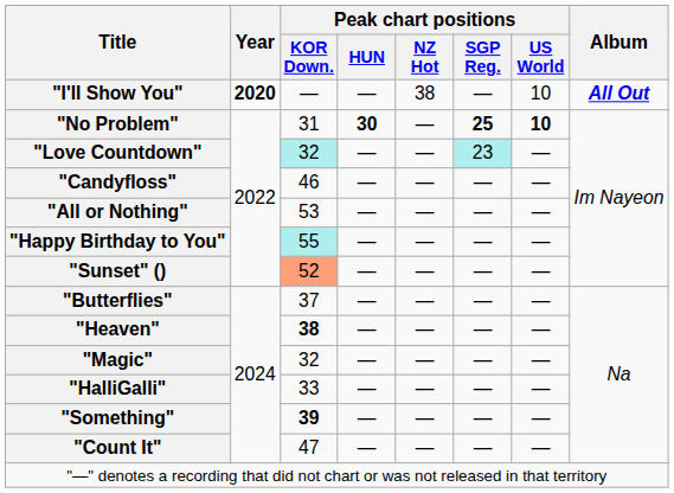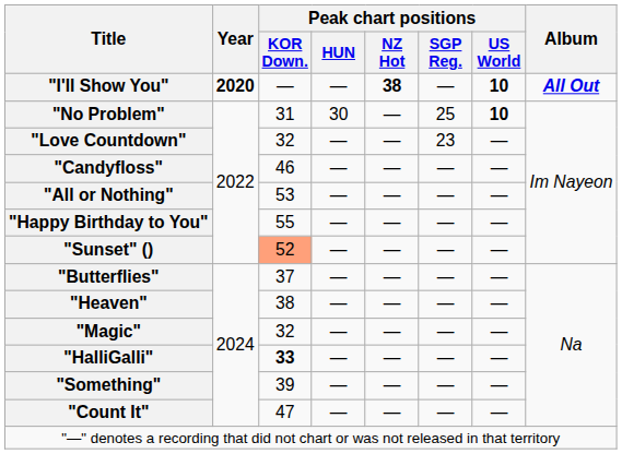 <table class="wikitable plainrowheaders" style="text-align:center">
 <tr>
 <th scope="col" rowspan="2">Title</th>
 <th scope="col" rowspan="2">Year</th>
 <th scope="col" colspan="5">Peak chart positions</th>
 <th scope="col" rowspan="2">Album</th>
 </tr>
 <tr>
 <th scope="col" style="font-size:90%; width:3em"><a href='#'>KOR<br>Down.</a><br></th>
 <th scope="col" style="font-size:90%; width:3em"><a href='#'>HUN</a><br></th>
 <th scope="col" style="font-size:90%; width:3em"><a href='#'>NZ<br>Hot</a><br></th>
 <th scope="col" style="font-size:90%; width:3em"><a href='#'>SGP<br>Reg.</a><br></th>
 <th scope="col" style="font-size:90%; width:3em"><a href='#'>US<br>World</a><br></th>
 </tr>
 <tr>
 <th scope="row">"I'll Show You"<br></th>
 <td><strong>2020</strong></td>
 <td>—</td>
 <td>—</td>
-<td>38</td>
+<td><strong>38</strong></td>
 <td>—</td>
-<td>10</td>
+<td><strong>10</strong></td>
 <td><strong><em><a href='#'>All Out</a></em></strong></td>
 </tr>
 <tr>
 <th scope="row">"No Problem" <br></th>
 <td rowspan="6">2022</td>
 <td>31</td>
-<td><strong>30</strong></td>
+<td>30</td>
 <td>—</td>
-<td><strong>25</strong></td>
+<td>25</td>
 <td><strong>10</strong></td>
 <td rowspan="6"><em>Im Nayeon</em></td>
 </tr>
 <tr>
 <th scope="row">"Love Countdown"<br></th>
-<td style="background: paleturquoise;">32</td>
+<td>32</td>
 <td>—</td>
 <td>—</td>
-<td style="background: paleturquoise;">23</td>
+<td>23</td>
 <td>—</td>
 </tr>
 <tr>
 <th scope="row">"Candyfloss"</th>
 <td>46</td>
 <td>—</td>
 <td>—</td>
 <td>—</td>
 <td>—</td>
 </tr>
 <tr>
 <th scope="row">"All or Nothing"</th>
 <td>53</td>
 <td>—</td>
 <td>—</td>
 <td>—</td>
 <td>—</td>
 </tr>
 <tr>
 <th scope="row">"Happy Birthday to You"</th>
-<td style="background: paleturquoise;">55</td>
+<td>55</td>
 <td>—</td>
 <td>—</td>
 <td>—</td>
 <td>—</td>
 </tr>
 <tr>
 <th scope="row">"Sunset" ()</th>
 <td style="background: lightsalmon;">52</td>
 <td>—</td>
 <td>—</td>
 <td>—</td>
 <td>—</td>
 </tr>
 <tr>
 <th scope="row">"Butterflies"</th>
 <td rowspan="6">2024</td>
 <td>37</td>
 <td>—</td>
 <td>—</td>
 <td>—</td>
 <td>—</td>
 <td rowspan="6"><em>Na</em></td>
 </tr>
 <tr>
 <th scope="row">"Heaven"<br></th>
-<td><strong>38</strong></td>
+<td>38</td>
 <td>—</td>
 <td>—</td>
 <td>—</td>
 <td>—</td>
 </tr>
 <tr>
 <th scope="row">"Magic"<br></th>
 <td>32</td>
 <td>—</td>
 <td>—</td>
 <td>—</td>
 <td>—</td>
 </tr>
 <tr>
 <th scope="row">"HalliGalli"</th>
-<td>33</td>
+<td><strong>33</strong></td>
 <td>—</td>
 <td>—</td>
 <td>—</td>
 <td>—</td>
 </tr>
 <tr>
 <th scope="row">"Something"</th>
-<td><strong>39</strong></td>
+<td>39</td>
 <td>—</td>
 <td>—</td>
 <td>—</td>
 <td>—</td>
 </tr>
 <tr>
 <th scope="row">"Count It"</th>
 <td>47</td>
 <td>—</td>
 <td>—</td>
 <td>—</td>
 <td>—</td>
 </tr>
 <tr>
 <td colspan="8" style="font-size:85%">"—" denotes a recording that did not chart or was not released in that territory</td>
 </tr>
 </table>
